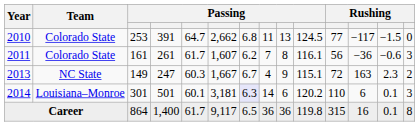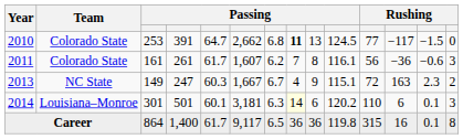 <table class="wikitable sortable" style="text-align:center;">
 <tr>
 <th rowspan=2>Year</th>
 <th rowspan=2>Team</th>
 <th colspan=8>Passing</th>
 <th colspan=4>Rushing</th>
 </tr>
 <tr>
 <th></th>
 <th></th>
 <th></th>
 <th></th>
 <th></th>
 <th></th>
 <th></th>
 <th></th>
 <th></th>
 <th></th>
 <th></th>
 <th></th>
 </tr>
 <tr>
 <td><a href='#'>2010</a></td>
 <td><a href='#'>Colorado State</a></td>
 <td>253</td>
 <td>391</td>
 <td>64.7</td>
 <td>2,662</td>
 <td>6.8</td>
-<td>11</td>
+<td><strong>11</strong></td>
 <td>13</td>
 <td>124.5</td>
 <td>77</td>
 <td>−117</td>
 <td>−1.5</td>
 <td>0</td>
 </tr>
 <tr>
 <td><a href='#'>2011</a></td>
 <td><a href='#'>Colorado State</a></td>
 <td>161</td>
 <td>261</td>
 <td>61.7</td>
 <td>1,607</td>
 <td>6.2</td>
 <td>7</td>
 <td>8</td>
 <td>116.1</td>
 <td>56</td>
 <td>−36</td>
 <td>−0.6</td>
 <td>3</td>
 </tr>
 <tr>
 <td><a href='#'>2013</a></td>
 <td><a href='#'>NC State</a></td>
 <td>149</td>
 <td>247</td>
 <td>60.3</td>
 <td>1,667</td>
 <td>6.7</td>
 <td>4</td>
 <td>9</td>
 <td>115.1</td>
 <td>72</td>
 <td>163</td>
 <td>2.3</td>
 <td>2</td>
 </tr>
 <tr>
 <td><a href='#'>2014</a></td>
 <td><a href='#'>Louisiana–Monroe</a></td>
 <td>301</td>
 <td>501</td>
 <td>60.1</td>
 <td>3,181</td>
-<td style="background: lavender;">6.3</td>
-<td>14</td>
+<td>6.3</td>
+<td style="background: lightyellow;">14</td>
 <td>6</td>
 <td>120.2</td>
 <td>110</td>
 <td>6</td>
 <td>0.1</td>
 <td>3</td>
 </tr>
 <tr class="sortbottom" style="background:#eee;">
 <td colspan=2><strong>Career</strong></td>
 <td>864</td>
 <td>1,400</td>
 <td>61.7</td>
 <td>9,117</td>
 <td>6.5</td>
 <td>36</td>
 <td>36</td>
 <td>119.8</td>
 <td>315</td>
 <td>16</td>
 <td>0.1</td>
 <td>8</td>
 </tr>
 </table>
